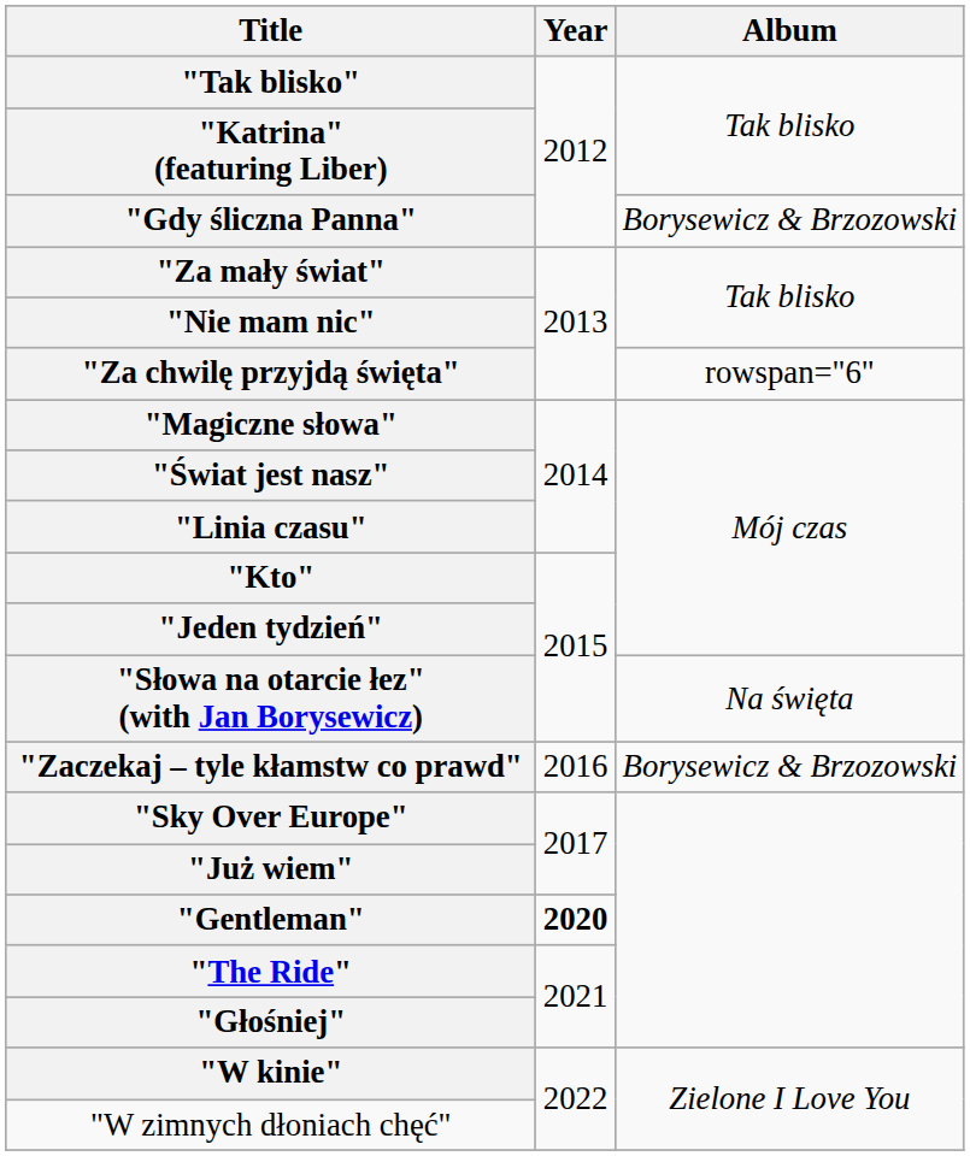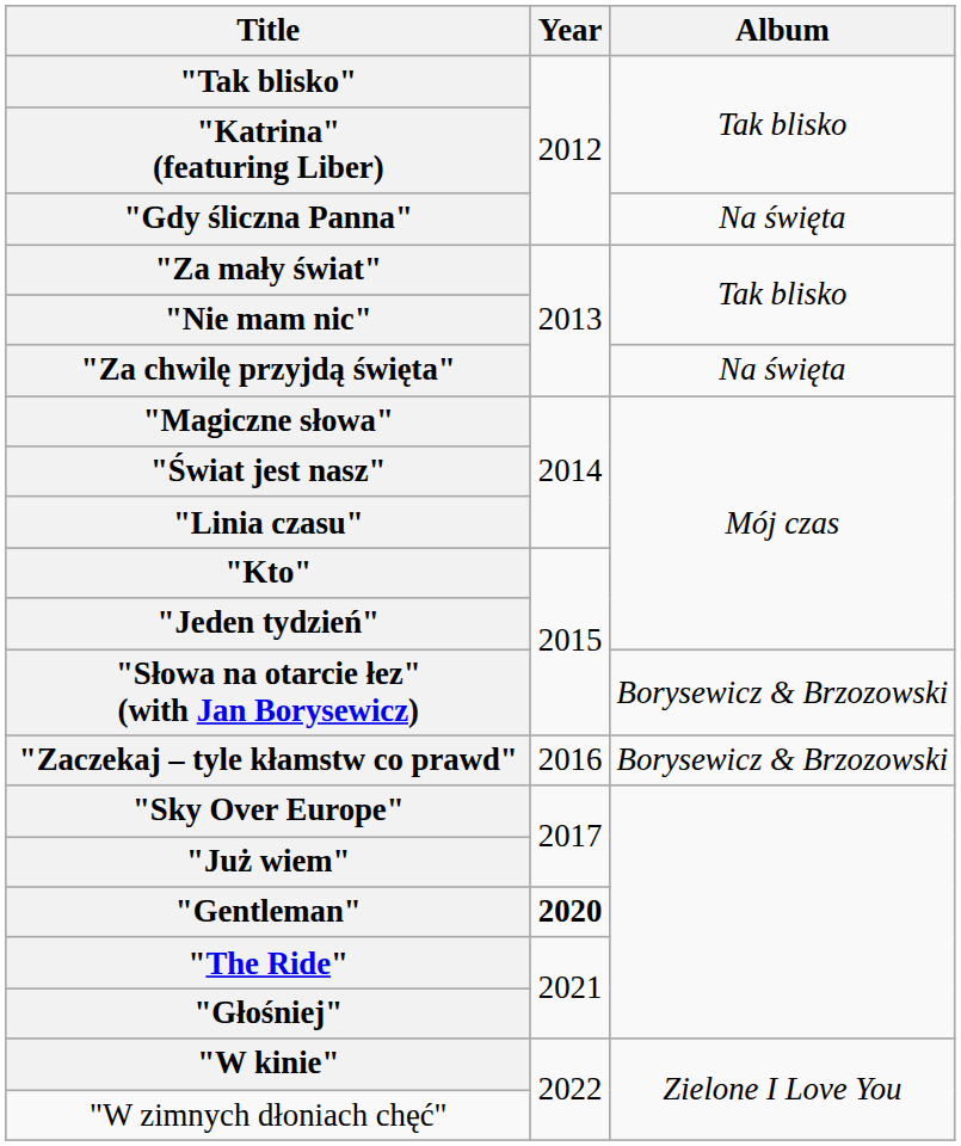 <table class="wikitable plainrowheaders" style="text-align:center;">
 <tr>
 <th scope="col" style="width:16em;">Title</th>
 <th scope="col" style="width:1em;">Year</th>
 <th scope="col">Album</th>
 </tr>
 <tr>
 <th scope="row">"Tak blisko"</th>
 <td rowspan="3">2012</td>
 <td rowspan="2"><em>Tak blisko</em></td>
 </tr>
 <tr>
 <th scope="row">"Katrina"<br><span>(featuring Liber)</span></th>
 </tr>
 <tr>
 <th scope="row">"Gdy śliczna Panna"</th>
-<td><em>Borysewicz & Brzozowski</em></td>
+<td><em>Na święta</em></td>
 </tr>
 <tr>
 <th scope="row">"Za mały świat"</th>
 <td rowspan="3">2013</td>
 <td rowspan="2"><em>Tak blisko</em></td>
 </tr>
 <tr>
 <th scope="row">"Nie mam nic"</th>
 </tr>
 <tr>
 <th scope="row">"Za chwilę przyjdą święta"</th>
-<td>rowspan="6" </td>
+<td><em>Na święta</em></td>
 </tr>
 <tr>
 <th scope="row">"Magiczne słowa"</th>
 <td rowspan="3">2014</td>
 <td rowspan="5"><em>Mój czas</em></td>
 </tr>
 <tr>
 <th scope="row">"Świat jest nasz"</th>
 </tr>
 <tr>
 <th scope="row">"Linia czasu"</th>
 </tr>
 <tr>
 <th scope="row">"Kto"</th>
 <td rowspan="3">2015</td>
 </tr>
 <tr>
 <th scope="row">"Jeden tydzień"</th>
 </tr>
 <tr>
 <th scope="row">"Słowa na otarcie łez"<br><span>(with <a href='#'>Jan Borysewicz</a>)</span></th>
-<td><em>Na święta</em></td>
+<td><em>Borysewicz & Brzozowski</em></td>
 </tr>
 <tr>
 <th scope="row">"Zaczekaj – tyle kłamstw co prawd"</th>
 <td>2016</td>
 <td><em>Borysewicz & Brzozowski</em></td>
 </tr>
 <tr>
 <th scope="row">"Sky Over Europe"</th>
 <td rowspan="2">2017</td>
 </tr>
 <tr>
 <th scope="row">"Już wiem"</th>
 </tr>
 <tr>
 <th scope="row">"Gentleman"</th>
 <td><strong>2020</strong></td>
 </tr>
 <tr>
 <th scope="row">"<a href='#'>The Ride</a>"</th>
 <td rowspan="2">2021</td>
 </tr>
 <tr>
 <th scope="row">"Głośniej"</th>
 </tr>
 <tr>
 <th scope="row">"W kinie"</th>
 <td rowspan="2">2022</td>
 <td rowspan="2"><em>Zielone I Love You</em></td>
 </tr>
 <tr>
 <td scope="row">"W zimnych dłoniach chęć"</td>
 </tr>
 </table>
